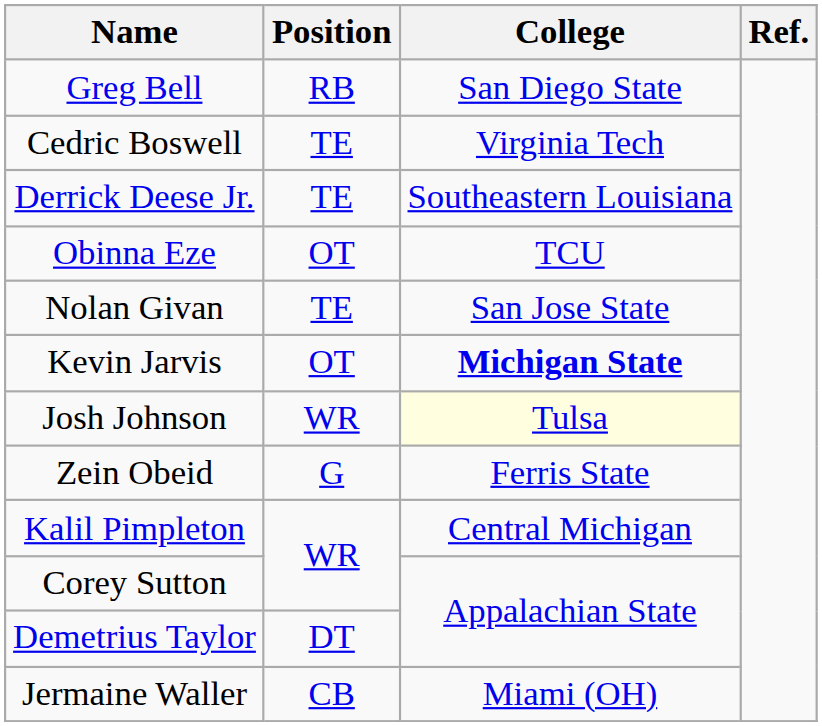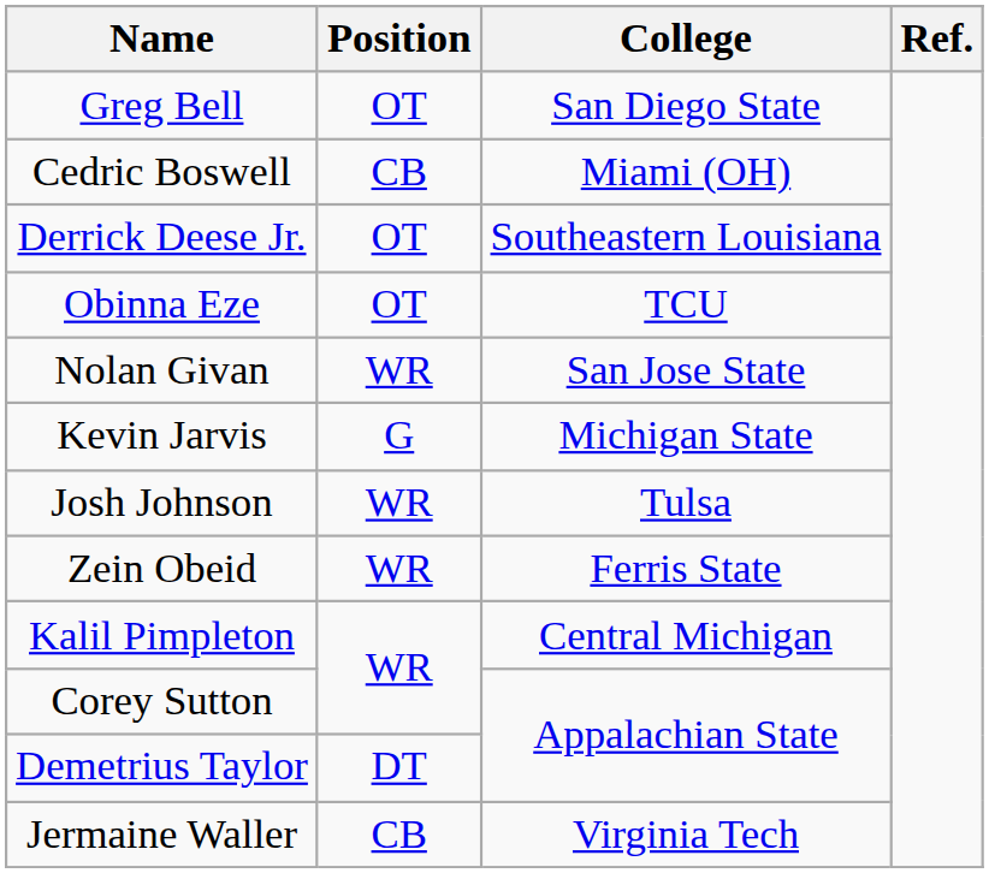 <table class="wikitable" style="text-align:center">
 <tr>
 <th>Name</th>
 <th>Position</th>
 <th>College</th>
 <th>Ref.</th>
 </tr>
 <tr>
 <td><a href='#'>Greg Bell</a></td>
-<td><a href='#'>RB</a></td>
+<td><a href='#'>OT</a></td>
 <td><a href='#'>San Diego State</a></td>
 <td rowspan = 12></td>
 </tr>
 <tr>
 <td>Cedric Boswell</td>
-<td><a href='#'>TE</a></td>
-<td><a href='#'>Virginia Tech</a></td>
+<td><a href='#'>CB</a></td>
+<td><a href='#'>Miami (OH)</a></td>
 </tr>
 <tr>
 <td><a href='#'>Derrick Deese Jr.</a></td>
-<td><a href='#'>TE</a></td>
+<td><a href='#'>OT</a></td>
 <td><a href='#'>Southeastern Louisiana</a></td>
 </tr>
 <tr>
 <td><a href='#'>Obinna Eze</a></td>
 <td><a href='#'>OT</a></td>
 <td><a href='#'>TCU</a></td>
 </tr>
 <tr>
 <td>Nolan Givan</td>
-<td><a href='#'>TE</a></td>
+<td><a href='#'>WR</a></td>
 <td><a href='#'>San Jose State</a></td>
 </tr>
 <tr>
 <td>Kevin Jarvis</td>
-<td><a href='#'>OT</a></td>
-<td><strong><a href='#'>Michigan State</a></strong></td>
+<td><a href='#'>G</a></td>
+<td><a href='#'>Michigan State</a></td>
 </tr>
 <tr>
 <td>Josh Johnson</td>
 <td><a href='#'>WR</a></td>
-<td style="background: lightyellow;"><a href='#'>Tulsa</a></td>
+<td><a href='#'>Tulsa</a></td>
 </tr>
 <tr>
 <td>Zein Obeid</td>
-<td><a href='#'>G</a></td>
+<td><a href='#'>WR</a></td>
 <td><a href='#'>Ferris State</a></td>
 </tr>
 <tr>
 <td><a href='#'>Kalil Pimpleton</a></td>
 <td rowspan = 2><a href='#'>WR</a></td>
 <td><a href='#'>Central Michigan</a></td>
 </tr>
 <tr>
 <td>Corey Sutton</td>
 <td rowspan = 2><a href='#'>Appalachian State</a></td>
 </tr>
 <tr>
 <td><a href='#'>Demetrius Taylor</a></td>
 <td><a href='#'>DT</a></td>
 </tr>
 <tr>
 <td>Jermaine Waller</td>
 <td><a href='#'>CB</a></td>
-<td><a href='#'>Miami (OH)</a></td>
+<td><a href='#'>Virginia Tech</a></td>
 </tr>
 </table>
